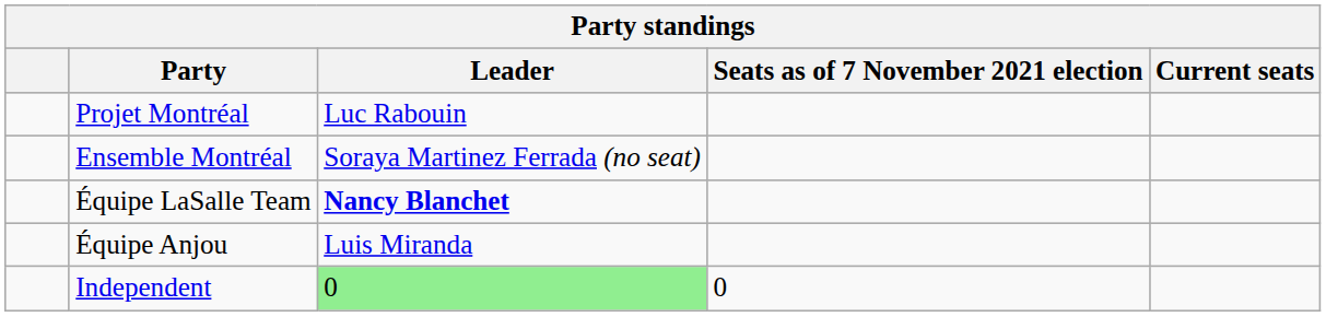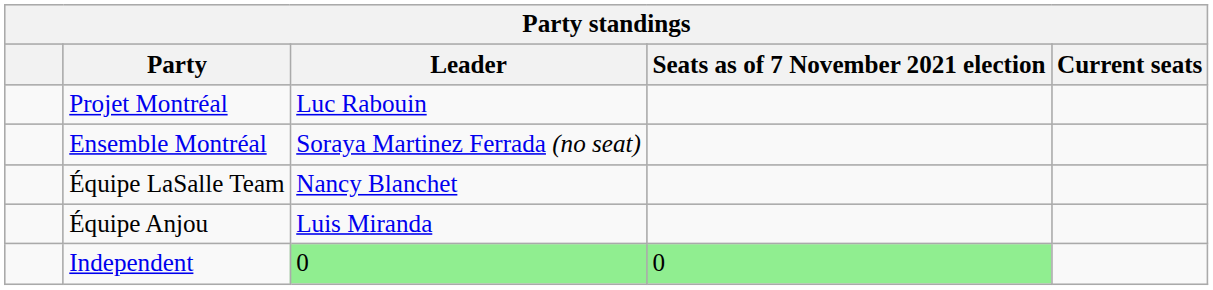 <table class="wikitable" border="1">
 <tr>
 <th colspan = 6>Party standings</th>
 </tr>
 <tr>
 <th width="30px"> </th>
 <th>Party</th>
 <th>Leader</th>
 <th>Seats as of 7 November 2021 election</th>
 <th>Current seats</th>
 </tr>
 <tr>
 <td width="30px" > </td>
 <td><a href='#'>Projet Montréal</a></td>
 <td><a href='#'>Luc Rabouin</a></td>
 <td></td>
 <td></td>
 </tr>
 <tr>
 <td width="30px" > </td>
 <td><a href='#'>Ensemble Montréal</a></td>
 <td><a href='#'>Soraya Martinez Ferrada</a> <em>(no seat)</em></td>
 <td></td>
 <td></td>
 </tr>
 <tr>
 <td width="30px" > </td>
 <td>Équipe LaSalle Team</td>
-<td><strong><a href='#'>Nancy Blanchet</a></strong></td>
+<td><a href='#'>Nancy Blanchet</a></td>
 <td></td>
 <td></td>
 </tr>
 <tr>
 <td width="30px" > </td>
 <td>Équipe Anjou</td>
 <td><a href='#'>Luis Miranda</a></td>
 <td></td>
 <td></td>
 </tr>
 <tr>
 <td width="30px" > </td>
 <td colspan = 1><a href='#'>Independent</a></td>
 <td style="background: lightgreen;">0</td>
-<td>0</td>
+<td style="background: lightgreen;">0</td>
 <td></td>
 </tr>
 </table>
